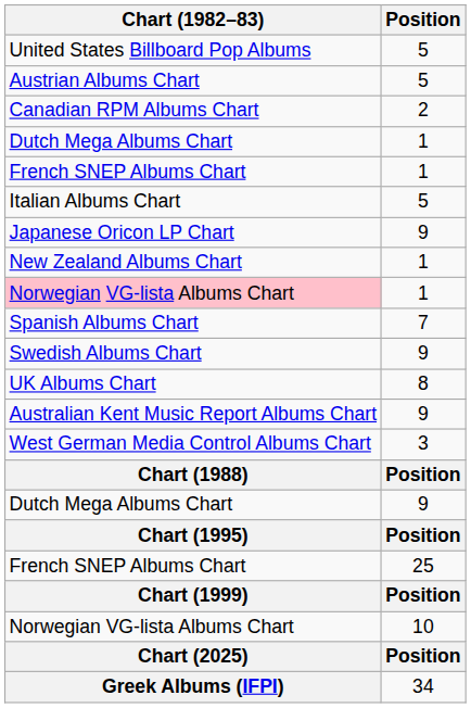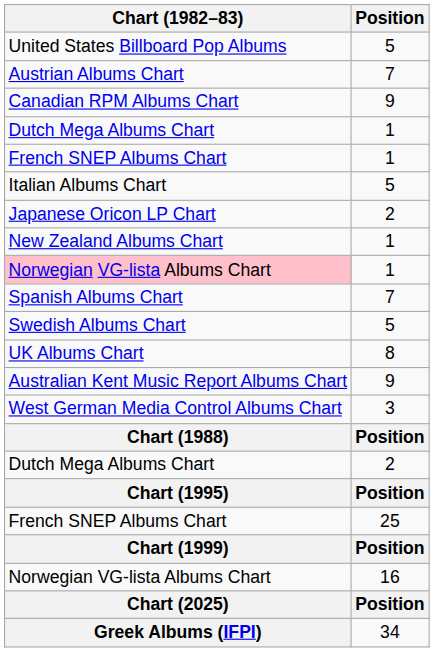 <table class="wikitable sortable plainrowheaders" style="text-align: center;">
 <tr>
 <th>Chart (1982–83)</th>
 <th>Position</th>
 </tr>
 <tr>
 <td align="left">United States <a href='#'>Billboard Pop Albums</a></td>
 <td>5</td>
 </tr>
 <tr>
 <td align="left"><a href='#'>Austrian Albums Chart</a></td>
-<td>5</td>
+<td>7</td>
 </tr>
 <tr>
 <td align="left"><a href='#'>Canadian RPM Albums Chart</a></td>
-<td>2</td>
+<td>9</td>
 </tr>
 <tr>
 <td align="left"><a href='#'>Dutch Mega Albums Chart</a></td>
 <td>1</td>
 </tr>
 <tr>
 <td align="left"><a href='#'>French SNEP Albums Chart</a></td>
 <td>1</td>
 </tr>
 <tr>
 <td align="left">Italian Albums Chart</td>
 <td>5</td>
 </tr>
 <tr>
 <td align="left"><a href='#'>Japanese Oricon LP Chart</a></td>
-<td>9</td>
+<td>2</td>
 </tr>
 <tr>
 <td align="left"><a href='#'>New Zealand Albums Chart</a></td>
 <td>1</td>
 </tr>
 <tr>
 <td align="left" style="background: pink;"><a href='#'>Norwegian</a> <a href='#'>VG-lista</a> Albums Chart</td>
 <td>1</td>
 </tr>
 <tr>
 <td align="left"><a href='#'>Spanish Albums Chart</a></td>
 <td align="center">7</td>
 </tr>
 <tr>
 <td align="left"><a href='#'>Swedish Albums Chart</a></td>
-<td>9</td>
+<td>5</td>
 </tr>
 <tr>
 <td align="left"><a href='#'>UK Albums Chart</a></td>
 <td>8</td>
 </tr>
 <tr>
 <td align="left"><a href='#'>Australian Kent Music Report Albums Chart</a></td>
 <td>9</td>
 </tr>
 <tr>
 <td align="left"><a href='#'>West German Media Control Albums Chart</a></td>
 <td>3</td>
 </tr>
 <tr>
 <th>Chart (1988)</th>
 <th>Position</th>
 </tr>
 <tr>
 <td align="left">Dutch Mega Albums Chart</td>
-<td>9</td>
+<td>2</td>
 </tr>
 <tr>
 <th>Chart (1995)</th>
 <th>Position</th>
 </tr>
 <tr>
 <td align="left">French SNEP Albums Chart</td>
 <td>25</td>
 </tr>
 <tr>
 <th>Chart (1999)</th>
 <th>Position</th>
 </tr>
 <tr>
 <td align="left">Norwegian VG-lista Albums Chart</td>
-<td>10</td>
+<td>16</td>
 </tr>
 <tr>
 <th>Chart (2025)</th>
 <th>Position</th>
 </tr>
 <tr>
 <th scope="row">Greek Albums (<a href='#'>IFPI</a>)</th>
 <td>34</td>
 </tr>
 </table>
